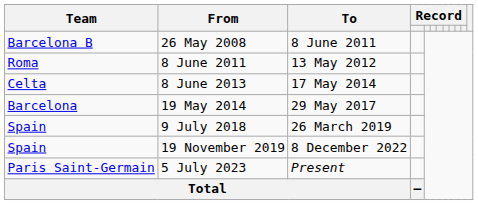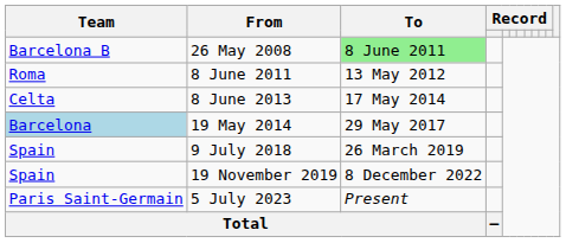 <table class=wikitable style="text-align: center">
 <tr>
 <th rowspan=2>Team</th>
 <th rowspan=2>From</th>
 <th rowspan=2>To</th>
 <th colspan=8>Record</th>
 <th rowspan=2></th>
 </tr>
 <tr>
 <th></th>
 <th></th>
 <th></th>
 <th></th>
 <th></th>
 <th></th>
 <th></th>
 <th></th>
 </tr>
 <tr>
 <td align=left><a href='#'>Barcelona B</a></td>
 <td align=left>26 May 2008</td>
-<td align=left>8 June 2011<br></td>
+<td align=left style="background: lightgreen;">8 June 2011<br></td>
 <td></td>
 </tr>
 <tr>
 <td align=left><a href='#'>Roma</a></td>
 <td align=left>8 June 2011</td>
 <td align=left>13 May 2012<br></td>
 <td></td>
 </tr>
 <tr>
 <td align=left><a href='#'>Celta</a></td>
 <td align=left>8 June 2013</td>
 <td align=left>17 May 2014<br></td>
 <td></td>
 </tr>
 <tr>
-<td align=left><a href='#'>Barcelona</a></td>
+<td align=left style="background: lightblue;"><a href='#'>Barcelona</a></td>
 <td align=left>19 May 2014</td>
 <td align=left>29 May 2017<br></td>
 <td></td>
 </tr>
 <tr>
 <td align="left"><a href='#'>Spain</a></td>
 <td align=left>9 July 2018</td>
 <td align=left>26 March 2019<br></td>
 <td></td>
 </tr>
 <tr>
 <td align="left"><a href='#'>Spain</a></td>
 <td align=left>19 November 2019</td>
 <td align=left>8 December 2022<br></td>
 <td></td>
 </tr>
 <tr>
 <td align="left"><a href='#'>Paris Saint-Germain</a></td>
 <td align=left>5 July 2023</td>
 <td align=left><em>Present</em><br></td>
 <td></td>
 </tr>
 <tr>
 <th colspan=3>Total<br></th>
 <th>—</th>
 </tr>
 </table>
